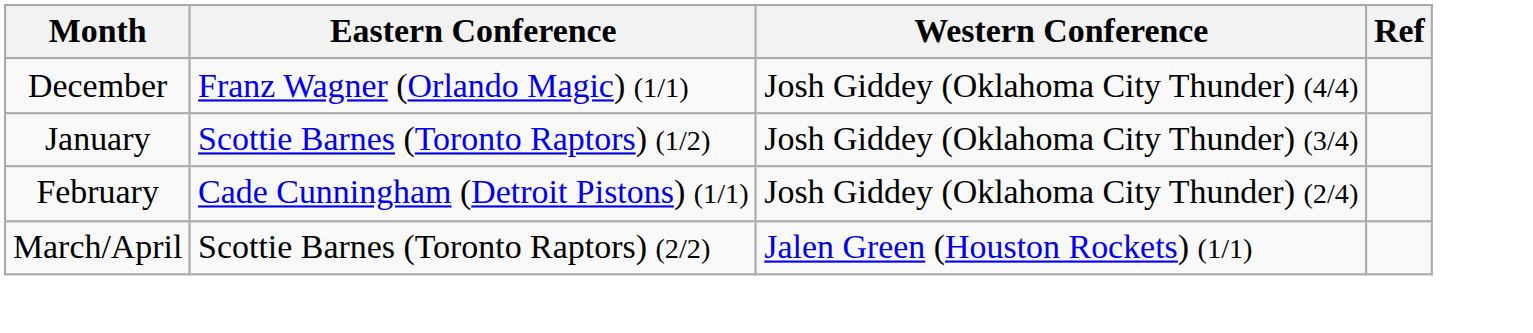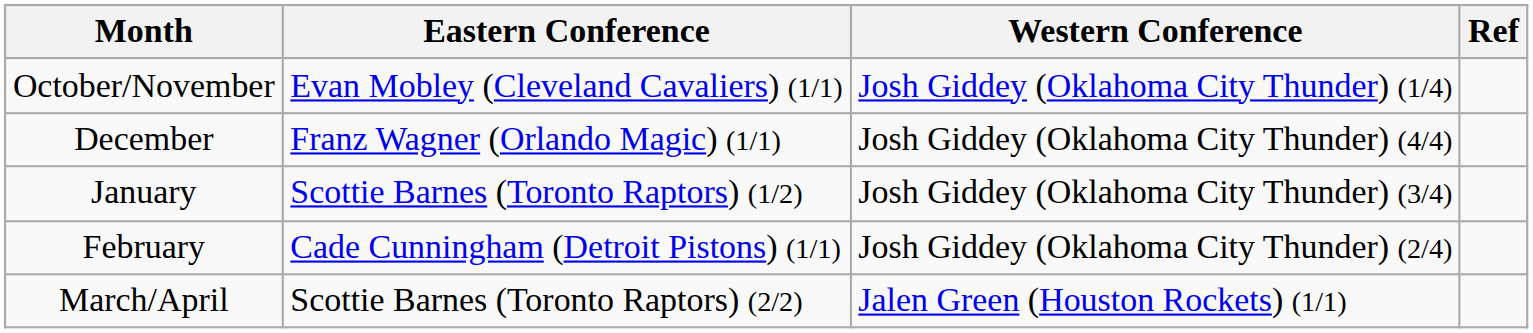 <table class="wikitable sortable" style="text-align:left;">
 <tr>
 <th>Month</th>
 <th>Eastern Conference</th>
 <th>Western Conference</th>
 <th class=unsortable>Ref</th>
+</tr>
+<tr>
+<td style="text-align:center;">October/November</td>
+<td><a href='#'>Evan Mobley</a> (<a href='#'>Cleveland Cavaliers</a>) <small>(1/1)</small></td>
+<td><a href='#'>Josh Giddey</a> (<a href='#'>Oklahoma City Thunder</a>) <small>(1/4)</small></td>
+<td style="text-align:center;"></td>
 </tr>
 <tr>
 <td style="text-align:center;">December</td>
 <td><a href='#'>Franz Wagner</a> (<a href='#'>Orlando Magic</a>) <small>(1/1)</small></td>
 <td>Josh Giddey (Oklahoma City Thunder) <small>(4/4)</small></td>
 <td style="text-align:center;"></td>
 </tr>
 <tr>
 <td style="text-align:center;">January</td>
 <td><a href='#'>Scottie Barnes</a> (<a href='#'>Toronto Raptors</a>) <small>(1/2)</small></td>
 <td>Josh Giddey (Oklahoma City Thunder) <small>(3/4)</small></td>
 <td style="text-align:center;"></td>
 </tr>
 <tr>
 <td style="text-align:center;">February</td>
 <td><a href='#'>Cade Cunningham</a> (<a href='#'>Detroit Pistons</a>) <small>(1/1)</small></td>
 <td>Josh Giddey (Oklahoma City Thunder) <small>(2/4)</small></td>
 <td style="text-align:center;"></td>
 </tr>
 <tr>
 <td style="text-align:center;'">March/April</td>
 <td>Scottie Barnes (Toronto Raptors) <small>(2/2)</small></td>
 <td><a href='#'>Jalen Green</a> (<a href='#'>Houston Rockets</a>) <small>(1/1)</small></td>
 <td style="text-align:center;"></td>
 </tr>
 </table>
